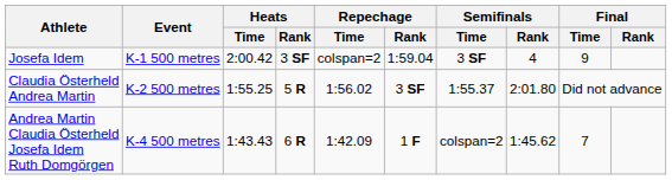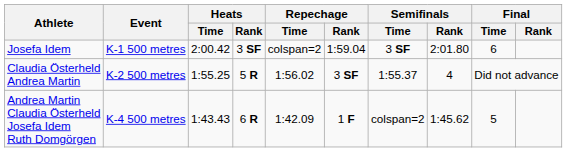 <table class=wikitable style="font-size:90%">
 <tr>
 <th rowspan="2">Athlete</th>
 <th rowspan="2">Event</th>
 <th colspan=2>Heats</th>
 <th colspan=2>Repechage</th>
 <th colspan=2>Semifinals</th>
 <th colspan=2>Final</th>
 </tr>
 <tr style="font-size:95%">
 <th>Time</th>
 <th>Rank</th>
 <th>Time</th>
 <th>Rank</th>
 <th>Time</th>
 <th>Rank</th>
 <th>Time</th>
 <th>Rank</th>
 </tr>
 <tr align=center>
 <td align=left><a href='#'>Josefa Idem</a></td>
 <td align=left><a href='#'>K-1 500 metres</a></td>
 <td>2:00.42</td>
 <td>3 <strong>SF</strong></td>
 <td>colspan=2</td>
 <td>1:59.04</td>
 <td>3 <strong>SF</strong></td>
-<td>4</td>
-<td>9</td>
+<td>2:01.80</td>
+<td>6</td>
 </tr>
 <tr align=center>
 <td align=left><a href='#'>Claudia Österheld</a><br><a href='#'>Andrea Martin</a></td>
 <td align=left><a href='#'>K-2 500 metres</a></td>
 <td>1:55.25</td>
 <td>5 <strong>R</strong></td>
 <td>1:56.02</td>
 <td>3 <strong>SF</strong></td>
 <td>1:55.37</td>
-<td>2:01.80</td>
+<td>4</td>
 <td colspan=2>Did not advance</td>
 </tr>
 <tr align=center>
 <td align=left><a href='#'>Andrea Martin</a><br><a href='#'>Claudia Österheld</a><br><a href='#'>Josefa Idem</a><br><a href='#'>Ruth Domgörgen</a></td>
 <td align=left><a href='#'>K-4 500 metres</a></td>
 <td>1:43.43</td>
 <td>6 <strong>R</strong></td>
 <td>1:42.09</td>
 <td>1 <strong>F</strong></td>
 <td>colspan=2</td>
 <td>1:45.62</td>
-<td>7</td>
+<td>5</td>
 </tr>
 </table>
